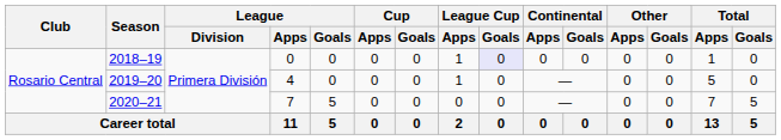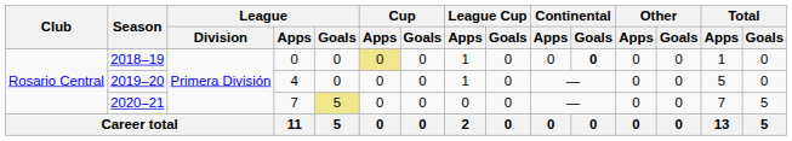 <table class="wikitable" style="text-align:center">
 <tr>
 <th rowspan="2">Club</th>
 <th rowspan="2">Season</th>
 <th colspan="3">League</th>
 <th colspan="2">Cup</th>
 <th colspan="2">League Cup</th>
 <th colspan="2">Continental</th>
 <th colspan="2">Other</th>
 <th colspan="2">Total</th>
 </tr>
 <tr>
 <th>Division</th>
 <th>Apps</th>
 <th>Goals</th>
 <th>Apps</th>
 <th>Goals</th>
 <th>Apps</th>
 <th>Goals</th>
 <th>Apps</th>
 <th>Goals</th>
 <th>Apps</th>
 <th>Goals</th>
 <th>Apps</th>
 <th>Goals</th>
 </tr>
 <tr>
 <td rowspan="3"><a href='#'>Rosario Central</a></td>
 <td><a href='#'>2018–19</a></td>
 <td rowspan="3"><a href='#'>Primera División</a></td>
 <td>0</td>
 <td>0</td>
+<td style="background: khaki;">0</td>
+<td>0</td>
+<td>1</td>
 <td>0</td>
 <td>0</td>
-<td>1</td>
-<td style="background: lavender;">0</td>
-<td>0</td>
-<td>0</td>
+<td><strong>0</strong></td>
 <td>0</td>
 <td>0</td>
 <td>1</td>
 <td>0</td>
 </tr>
 <tr>
 <td><a href='#'>2019–20</a></td>
 <td>4</td>
 <td>0</td>
 <td>0</td>
 <td>0</td>
 <td>1</td>
 <td>0</td>
 <td colspan="2">—</td>
 <td>0</td>
 <td>0</td>
 <td>5</td>
 <td>0</td>
 </tr>
 <tr>
 <td><a href='#'>2020–21</a></td>
 <td>7</td>
-<td>5</td>
+<td style="background: khaki;">5</td>
 <td>0</td>
 <td>0</td>
 <td>0</td>
 <td>0</td>
 <td colspan="2">—</td>
 <td>0</td>
 <td>0</td>
 <td>7</td>
 <td>5</td>
 </tr>
 <tr>
 <th colspan="3">Career total</th>
 <th>11</th>
 <th>5</th>
 <th>0</th>
 <th>0</th>
 <th>2</th>
 <th>0</th>
 <th>0</th>
 <th>0</th>
 <th>0</th>
 <th>0</th>
 <th>13</th>
 <th>5</th>
 </tr>
 </table>
